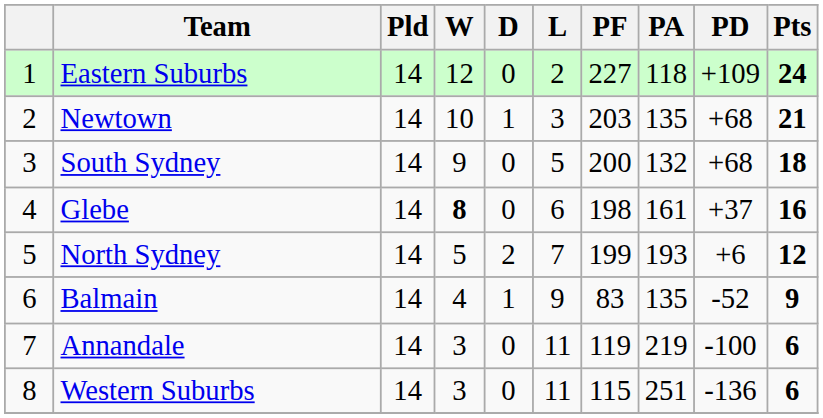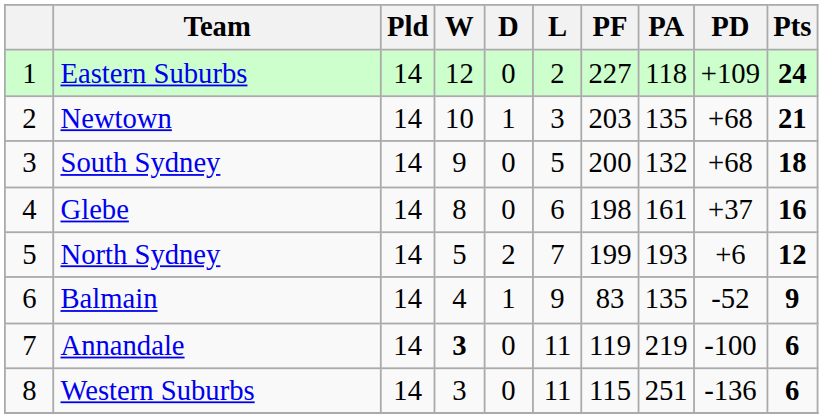 <table class="wikitable" style="text-align:center;">
 <tr>
 <th width=20 abbr="Position×"></th>
 <th width=175>Team</th>
 <th width=20 abbr="Played">Pld</th>
 <th width=20 abbr="Won">W</th>
 <th width=20 abbr="Drawn">D</th>
 <th width=20 abbr="Lost">L</th>
 <th width=20 abbr="Points for">PF</th>
 <th width=20 abbr="Points against">PA</th>
 <th width=20 abbr="Points difference">PD</th>
 <th width=20 abbr="Points">Pts</th>
 </tr>
 <tr style="background: #ccffcc;">
 <td>1</td>
 <td style="text-align:left;"> <a href='#'>Eastern Suburbs</a></td>
 <td>14</td>
 <td>12</td>
 <td>0</td>
 <td>2</td>
 <td>227</td>
 <td>118</td>
 <td>+109</td>
 <td><strong>24</strong></td>
 </tr>
 <tr>
 <td>2</td>
 <td style="text-align:left;"> <a href='#'>Newtown</a></td>
 <td>14</td>
 <td>10</td>
 <td>1</td>
 <td>3</td>
 <td>203</td>
 <td>135</td>
 <td>+68</td>
 <td><strong>21</strong></td>
 </tr>
 <tr>
 <td>3</td>
 <td style="text-align:left;"> <a href='#'>South Sydney</a></td>
 <td>14</td>
 <td>9</td>
 <td>0</td>
 <td>5</td>
 <td>200</td>
 <td>132</td>
 <td>+68</td>
 <td><strong>18</strong></td>
 </tr>
 <tr>
 <td>4</td>
 <td style="text-align:left;"> <a href='#'>Glebe</a></td>
 <td>14</td>
-<td><strong>8</strong></td>
+<td>8</td>
 <td>0</td>
 <td>6</td>
 <td>198</td>
 <td>161</td>
 <td>+37</td>
 <td><strong>16</strong></td>
 </tr>
 <tr>
 <td>5</td>
 <td style="text-align:left;"> <a href='#'>North Sydney</a></td>
 <td>14</td>
 <td>5</td>
 <td>2</td>
 <td>7</td>
 <td>199</td>
 <td>193</td>
 <td>+6</td>
 <td><strong>12</strong></td>
 </tr>
 <tr>
 <td>6</td>
 <td style="text-align:left;"> <a href='#'>Balmain</a></td>
 <td>14</td>
 <td>4</td>
 <td>1</td>
 <td>9</td>
 <td>83</td>
 <td>135</td>
 <td>-52</td>
 <td><strong>9</strong></td>
 </tr>
 <tr>
 <td>7</td>
 <td style="text-align:left;"> <a href='#'>Annandale</a></td>
 <td>14</td>
-<td>3</td>
+<td><strong>3</strong></td>
 <td>0</td>
 <td>11</td>
 <td>119</td>
 <td>219</td>
 <td>-100</td>
 <td><strong>6</strong></td>
 </tr>
 <tr>
 <td>8</td>
 <td style="text-align:left;"> <a href='#'>Western Suburbs</a></td>
 <td>14</td>
 <td>3</td>
 <td>0</td>
 <td>11</td>
 <td>115</td>
 <td>251</td>
 <td>-136</td>
 <td><strong>6</strong></td>
 </tr>
 <tr>
 </tr>
 </table>
